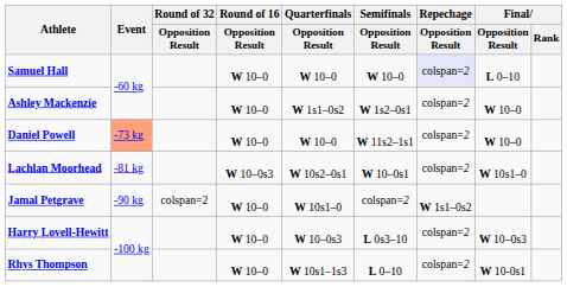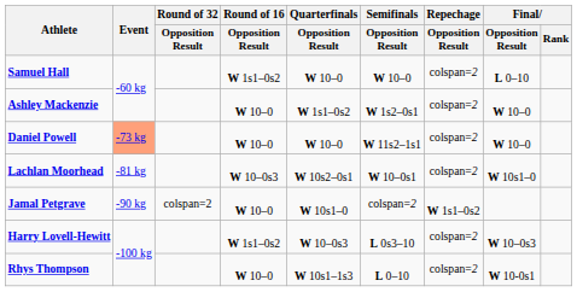 <table class="wikitable" style="font-size:90%;">
 <tr>
 <th rowspan=2>Athlete</th>
 <th rowspan=2>Event</th>
 <th>Round of 32</th>
 <th>Round of 16</th>
 <th>Quarterfinals</th>
 <th>Semifinals</th>
 <th>Repechage</th>
 <th colspan=2>Final/</th>
 </tr>
 <tr style="font-size:95%">
 <th>Opposition<br>Result</th>
 <th>Opposition<br>Result</th>
 <th>Opposition<br>Result</th>
 <th>Opposition<br>Result</th>
 <th>Opposition<br>Result</th>
 <th>Opposition<br>Result</th>
 <th>Rank</th>
 </tr>
 <tr align=center>
 <td align=left><strong><a href='#'>Samuel Hall</a></strong></td>
 <td align=left rowspan=2><a href='#'>-60 kg</a></td>
 <td></td>
+<td><br><strong>W</strong> 1s1–0s2</td>
 <td><br><strong>W</strong> 10–0</td>
 <td><br><strong>W</strong> 10–0</td>
-<td><br><strong>W</strong> 10–0</td>
-<td style="background: lavender;">colspan=<em>2</em> </td>
+<td>colspan=<em>2</em> </td>
 <td><br><strong>L</strong> 0–10</td>
 <td></td>
 </tr>
 <tr align=center>
 <td align=left><strong><a href='#'>Ashley Mackenzie</a></strong></td>
 <td></td>
 <td><br><strong>W</strong> 10–0</td>
 <td><br><strong>W</strong> 1s1–0s2</td>
 <td><br><strong>W</strong> 1s2–0s1</td>
 <td>colspan=<em>2</em> </td>
 <td><br><strong>W</strong> 10–0</td>
 <td></td>
 </tr>
 <tr align=center>
 <td align=left><strong><a href='#'>Daniel Powell</a></strong></td>
 <td align=left style="background: lightsalmon;"><a href='#'>-73 kg</a></td>
 <td></td>
 <td><br><strong>W</strong> 10–0</td>
 <td><br><strong>W</strong> 10–0</td>
 <td><br><strong>W</strong> 11s2–1s1</td>
 <td>colspan=<em>2</em> </td>
 <td><br><strong>W</strong> 10–0</td>
 <td></td>
 </tr>
 <tr align=center>
 <td align=left><strong><a href='#'>Lachlan Moorhead</a></strong></td>
 <td align=left><a href='#'>-81 kg</a></td>
 <td></td>
 <td><br><strong>W</strong> 10–0s3</td>
 <td><br><strong>W</strong> 10s2–0s1</td>
 <td><br><strong>W</strong> 10–0s1</td>
 <td>colspan=<em>2</em> </td>
 <td><br><strong>W</strong> 10s1–0</td>
 <td></td>
 </tr>
 <tr align=center>
 <td align=left><strong><a href='#'>Jamal Petgrave</a></strong></td>
 <td align=left><a href='#'>-90 kg</a></td>
 <td>colspan=2 </td>
 <td><br><strong>W</strong> 10–0</td>
 <td><br><strong>W</strong> 10s1–0</td>
 <td>colspan=<em>2</em> </td>
 <td><br><strong>W</strong> 1s1–0s2</td>
 <td></td>
 </tr>
 <tr align=center>
 <td align=left><strong><a href='#'>Harry Lovell-Hewitt</a></strong></td>
 <td align=left rowspan=2><a href='#'>-100 kg</a></td>
 <td></td>
-<td><br><strong>W</strong> 10–0</td>
+<td><br><strong>W</strong> 1s1–0s2</td>
 <td><br><strong>W</strong> 10–0s3</td>
 <td><br><strong>L</strong> 0s3–10</td>
 <td>colspan=<em>2</em> </td>
 <td><br><strong>W</strong> 10–0s3</td>
 <td></td>
 </tr>
 <tr align=center>
 <td align=left><strong><a href='#'>Rhys Thompson</a></strong></td>
 <td></td>
 <td><br><strong>W</strong> 10–0</td>
 <td><br> <strong>W</strong> 10s1–1s3</td>
 <td><br> <strong>L</strong> 0–10</td>
 <td>colspan=<em>2</em> </td>
 <td><br><strong>W</strong> 10-0s1</td>
 <td></td>
 </tr>
 </table>
